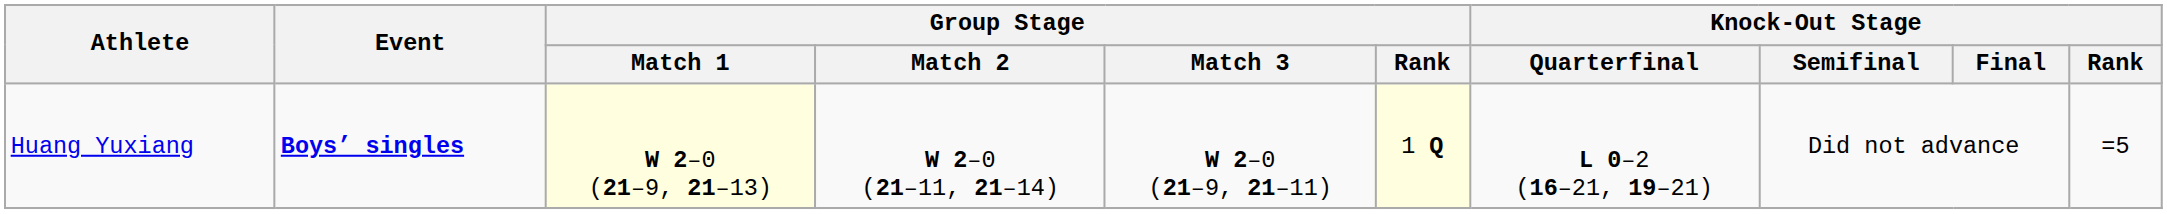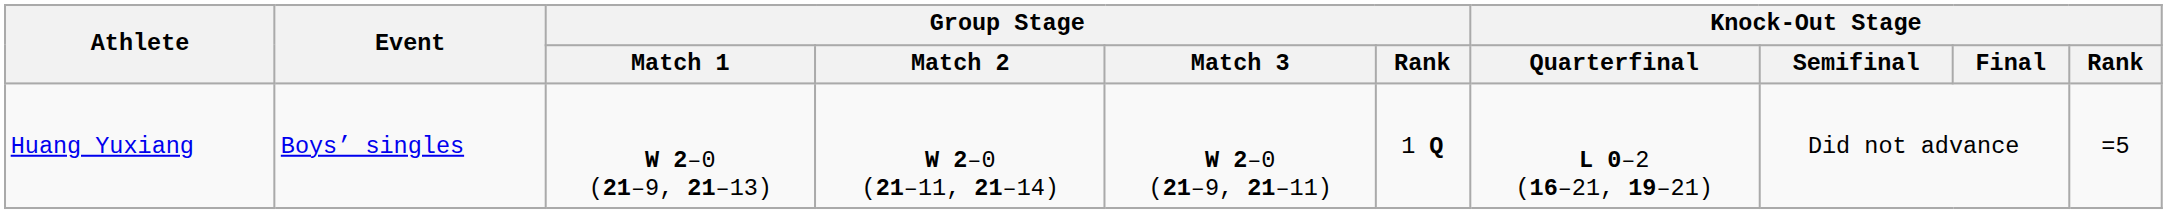 <table class="wikitable" width="85%" style="text-align:left; font-size:90%">
 <tr>
 <th rowspan=2>Athlete</th>
 <th rowspan=2>Event</th>
 <th colspan=4>Group Stage</th>
 <th colspan=4>Knock-Out Stage</th>
 </tr>
 <tr>
 <th>Match 1</th>
 <th>Match 2</th>
 <th>Match 3</th>
 <th>Rank</th>
 <th>Quarterfinal</th>
 <th>Semifinal</th>
 <th>Final</th>
 <th>Rank</th>
 </tr>
 <tr>
 <td><a href='#'>Huang Yuxiang</a></td>
-<td><strong><a href='#'>Boys’ singles</a></strong></td>
-<td align=center style="background: lightyellow;"> <br><br><strong>W</strong> <strong>2</strong>–0 <br> (<strong>21</strong>–9, <strong>21</strong>–13)</td>
+<td><a href='#'>Boys’ singles</a></td>
+<td align=center> <br><br><strong>W</strong> <strong>2</strong>–0 <br> (<strong>21</strong>–9, <strong>21</strong>–13)</td>
 <td align=center> <br><br><strong>W</strong> <strong>2</strong>–0 <br> (<strong>21</strong>–11, <strong>21</strong>–14)</td>
 <td align=center> <br><br><strong>W</strong> <strong>2</strong>–0 <br> (<strong>21</strong>–9, <strong>21</strong>–11)</td>
-<td align=center style="background: lightyellow;">1 <strong>Q</strong></td>
+<td align=center>1 <strong>Q</strong></td>
 <td align=center> <br><br><strong>L</strong> <strong>0</strong>–2 <br> (<strong>16</strong>–21, <strong>19</strong>–21)</td>
 <td colspan="2" align=center>Did not advance</td>
 <td align=center>=5</td>
 </tr>
 </table>
